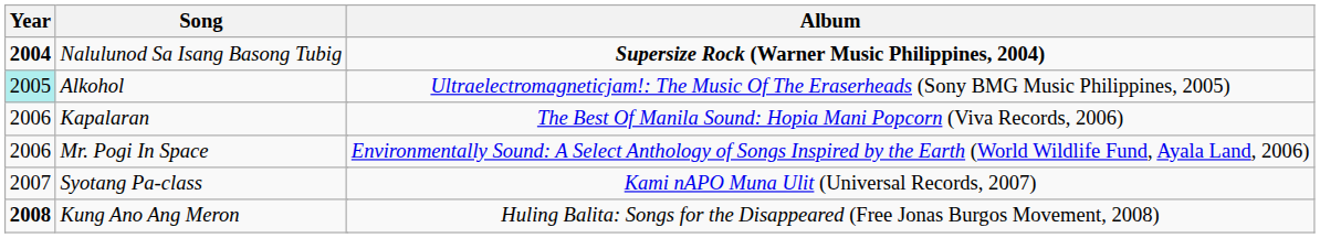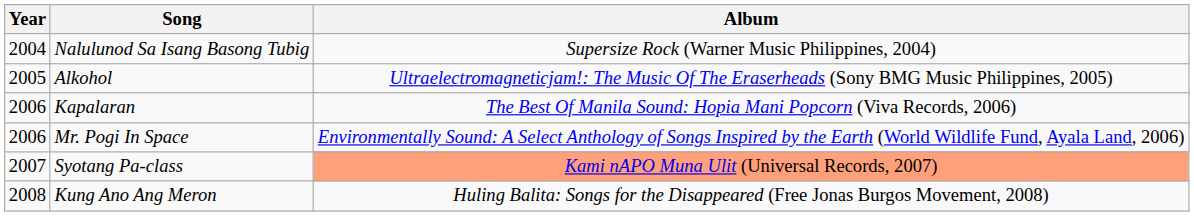 <table class="wikitable" style="text-align:center;">
 <tr>
 <th>Year</th>
 <th colspan="3">Song</th>
 <th>Album</th>
 </tr>
 <tr>
-<td><strong>2004</strong></td>
+<td>2004</td>
 <td colspan="3" align="left"><em>Nalulunod Sa Isang Basong Tubig</em></td>
-<td><strong><em>Supersize Rock</em> (Warner Music Philippines, 2004)</strong></td>
+<td><em>Supersize Rock</em> (Warner Music Philippines, 2004)</td>
 </tr>
 <tr>
-<td style="background: paleturquoise;">2005</td>
+<td>2005</td>
 <td colspan="3" align="left"><em>Alkohol</em></td>
 <td><em><a href='#'>Ultraelectromagneticjam!: The Music Of The Eraserheads</a></em> (Sony BMG Music Philippines, 2005)</td>
 </tr>
 <tr>
 <td>2006</td>
 <td colspan="3" align="left"><em>Kapalaran</em></td>
 <td><em><a href='#'>The Best Of Manila Sound: Hopia Mani Popcorn</a></em> (Viva Records, 2006)</td>
 </tr>
 <tr>
 <td>2006</td>
 <td colspan="3" align="left"><em>Mr. Pogi In Space</em></td>
 <td><em><a href='#'>Environmentally Sound: A Select Anthology of Songs Inspired by the Earth</a></em> (<a href='#'>World Wildlife Fund</a>, <a href='#'>Ayala Land</a>, 2006)</td>
 </tr>
 <tr>
 <td>2007</td>
 <td colspan="3" align="left"><em>Syotang Pa-class</em></td>
-<td><em><a href='#'>Kami nAPO Muna Ulit</a></em> (Universal Records, 2007)</td>
+<td style="background: lightsalmon;"><em><a href='#'>Kami nAPO Muna Ulit</a></em> (Universal Records, 2007)</td>
 </tr>
 <tr>
-<td><strong>2008</strong></td>
+<td>2008</td>
 <td colspan="3" align="left"><em>Kung Ano Ang Meron</em></td>
 <td><em>Huling Balita: Songs for the Disappeared</em> (Free Jonas Burgos Movement, 2008)</td>
 </tr>
 </table>
